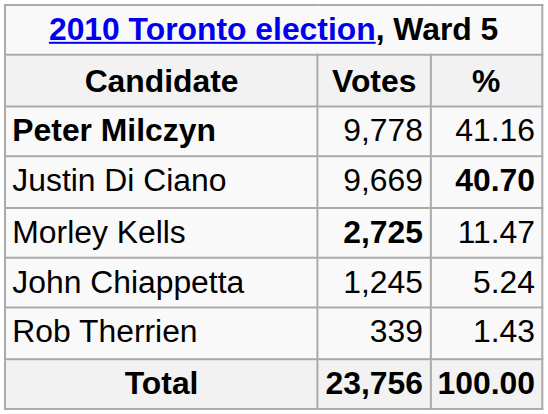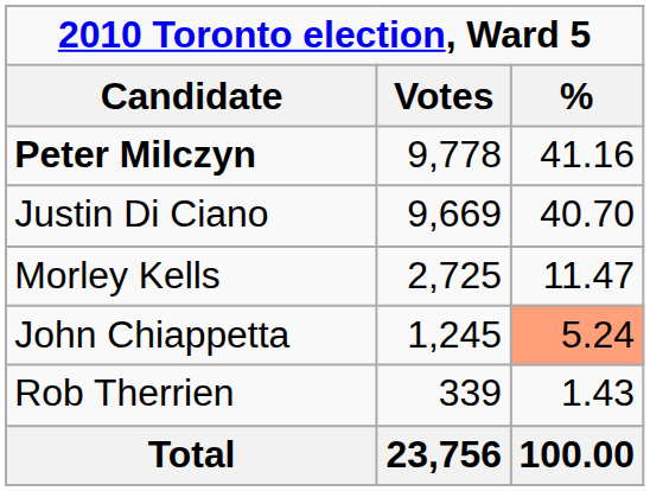 <table class="wikitable">
 <tr>
 <td Colspan="3" align="center"><strong><a href='#'>2010 Toronto election</a>, Ward 5</strong></td>
 </tr>
 <tr>
 <th bgcolor="#DDDDFF" width="150px">Candidate</th>
 <th bgcolor="#DDDDFF">Votes</th>
 <th bgcolor="#DDDDFF">%</th>
 </tr>
 <tr>
 <td><strong>Peter Milczyn</strong></td>
 <td align=right>9,778</td>
 <td align=right>41.16</td>
 </tr>
 <tr>
 <td>Justin Di Ciano</td>
 <td align=right>9,669</td>
-<td align=right><strong>40.70</strong></td>
+<td align=right>40.70</td>
 </tr>
 <tr>
 <td>Morley Kells</td>
-<td align=right><strong>2,725</strong></td>
+<td align=right>2,725</td>
 <td align=right>11.47</td>
 </tr>
 <tr>
 <td>John Chiappetta</td>
 <td align=right>1,245</td>
-<td align=right>5.24</td>
+<td align=right style="background: lightsalmon;">5.24</td>
 </tr>
 <tr>
 <td>Rob Therrien</td>
 <td align=right>339</td>
 <td align=right>1.43</td>
 </tr>
 <tr>
 <th>Total</th>
 <th align=right>23,756</th>
 <th align=right>100.00</th>
 </tr>
 </table>
